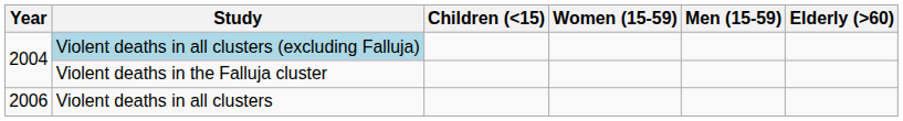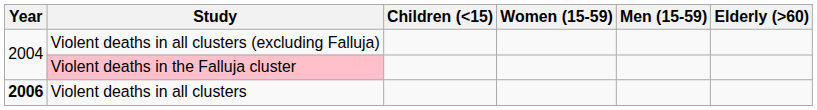 <table class="wikitable">
 <tr>
 <th>Year</th>
 <th>Study</th>
 <th>Children (<15)</th>
 <th>Women (15-59)</th>
 <th>Men (15-59)</th>
 <th>Elderly (>60)</th>
 </tr>
 <tr>
 <td rowspan="2">2004</td>
-<td style="background: lightblue;">Violent deaths in all clusters (excluding Falluja)</td>
+<td>Violent deaths in all clusters (excluding Falluja)</td>
 <td></td>
 <td></td>
 <td></td>
 <td></td>
 </tr>
 <tr>
-<td>Violent deaths in the Falluja cluster</td>
+<td style="background: pink;">Violent deaths in the Falluja cluster</td>
 <td></td>
 <td></td>
 <td></td>
 <td></td>
 </tr>
 <tr>
-<td>2006</td>
+<td><strong>2006</strong></td>
 <td>Violent deaths in all clusters</td>
 <td></td>
 <td></td>
 <td></td>
 <td></td>
 </tr>
 </table>
